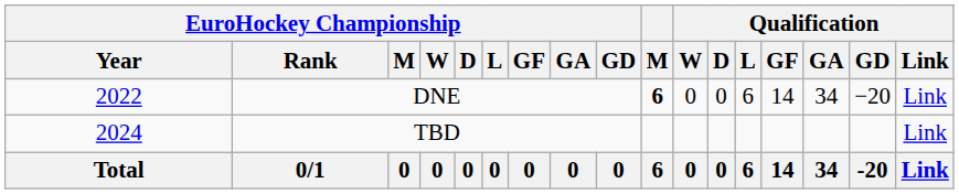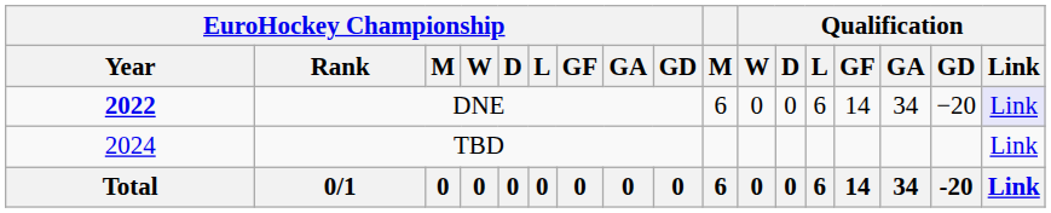 <table class="wikitable" style="text-align: center;font-size:100%;">
 <tr>
 <th colspan=9><a href='#'>EuroHockey Championship</a></th>
 <th style=width:1rowspan=2></th>
 <th colspan=8>Qualification</th>
 </tr>
 <tr>
 <th width=150>Year</th>
 <th width=100>Rank</th>
 <th>M</th>
 <th>W</th>
 <th>D</th>
 <th>L</th>
 <th>GF</th>
 <th>GA</th>
 <th>GD</th>
 <th>M</th>
 <th>W</th>
 <th>D</th>
 <th>L</th>
 <th>GF</th>
 <th>GA</th>
 <th>GD</th>
 <th>Link</th>
 </tr>
 <tr>
-<td> <a href='#'>2022</a></td>
+<td><strong> <a href='#'>2022</a></strong></td>
 <td rowspan=1 colspan=8>DNE</td>
-<td><strong>6</strong></td>
+<td>6</td>
 <td>0</td>
 <td>0</td>
 <td>6</td>
 <td>14</td>
 <td>34</td>
 <td>−20</td>
-<td><a href='#'>Link</a></td>
+<td style="background: lavender;"><a href='#'>Link</a></td>
 </tr>
 <tr>
 <td> <a href='#'>2024</a></td>
 <td rowspan=1 colspan=8>TBD</td>
 <td></td>
 <td></td>
 <td></td>
 <td></td>
 <td></td>
 <td></td>
 <td></td>
 <td><a href='#'>Link</a></td>
 </tr>
 <tr>
 <th><strong>Total<em></th>
 <th>0/1</th>
 <th>0</th>
 <th>0</th>
 <th>0</th>
 <th>0</th>
 <th>0</th>
 <th>0</th>
 <th>0</th>
 <th>6</th>
 <th>0</th>
 <th>0</th>
 <th>6</th>
 <th>14</th>
 <th>34</th>
 <th>-20</th>
 <th><a href='#'>Link</a></th>
 </tr>
 </table>
